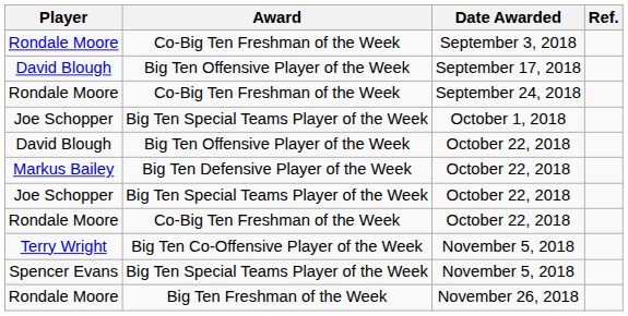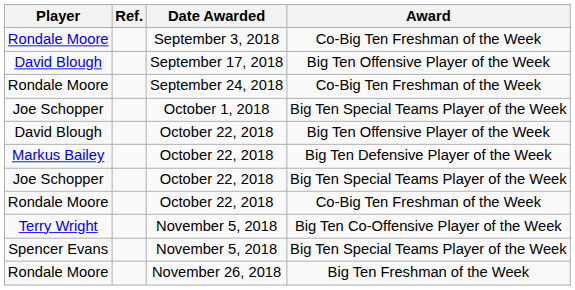 <table class="wikitable sortable sortable" style="text-align: center">
 <tr align=center>
 <th>Player</th>
+<th>Ref.</th>
+<th>Date Awarded</th>
 <th>Award</th>
-<th>Date Awarded</th>
-<th>Ref.</th>
 </tr>
 <tr>
 <td><a href='#'>Rondale Moore</a></td>
+<td></td>
+<td>September 3, 2018</td>
 <td>Co-Big Ten Freshman of the Week</td>
-<td>September 3, 2018</td>
-<td></td>
 </tr>
 <tr>
 <td><a href='#'>David Blough</a></td>
+<td></td>
+<td>September 17, 2018</td>
 <td>Big Ten Offensive Player of the Week</td>
-<td>September 17, 2018</td>
-<td></td>
 </tr>
 <tr>
 <td>Rondale Moore</td>
+<td></td>
+<td>September 24, 2018</td>
 <td>Co-Big Ten Freshman of the Week</td>
-<td>September 24, 2018</td>
-<td></td>
 </tr>
 <tr>
 <td>Joe Schopper</td>
+<td></td>
+<td>October 1, 2018</td>
 <td>Big Ten Special Teams Player of the Week</td>
-<td>October 1, 2018</td>
-<td></td>
 </tr>
 <tr>
 <td>David Blough</td>
+<td></td>
+<td>October 22, 2018</td>
 <td>Big Ten Offensive Player of the Week</td>
-<td>October 22, 2018</td>
-<td></td>
 </tr>
 <tr>
 <td><a href='#'>Markus Bailey</a></td>
+<td></td>
+<td>October 22, 2018</td>
 <td>Big Ten Defensive Player of the Week</td>
-<td>October 22, 2018</td>
-<td></td>
 </tr>
 <tr>
 <td>Joe Schopper</td>
+<td></td>
+<td>October 22, 2018</td>
 <td>Big Ten Special Teams Player of the Week</td>
-<td>October 22, 2018</td>
-<td></td>
 </tr>
 <tr>
 <td>Rondale Moore</td>
+<td></td>
+<td>October 22, 2018</td>
 <td>Co-Big Ten Freshman of the Week</td>
-<td>October 22, 2018</td>
-<td></td>
 </tr>
 <tr>
 <td><a href='#'>Terry Wright</a></td>
+<td></td>
+<td>November 5, 2018</td>
 <td>Big Ten Co-Offensive Player of the Week</td>
-<td>November 5, 2018</td>
-<td></td>
 </tr>
 <tr>
 <td>Spencer Evans</td>
+<td></td>
+<td>November 5, 2018</td>
 <td>Big Ten Special Teams Player of the Week</td>
-<td>November 5, 2018</td>
-<td></td>
 </tr>
 <tr>
 <td>Rondale Moore</td>
+<td></td>
+<td>November 26, 2018</td>
 <td>Big Ten Freshman of the Week</td>
-<td>November 26, 2018</td>
-<td></td>
 </tr>
 </table>
